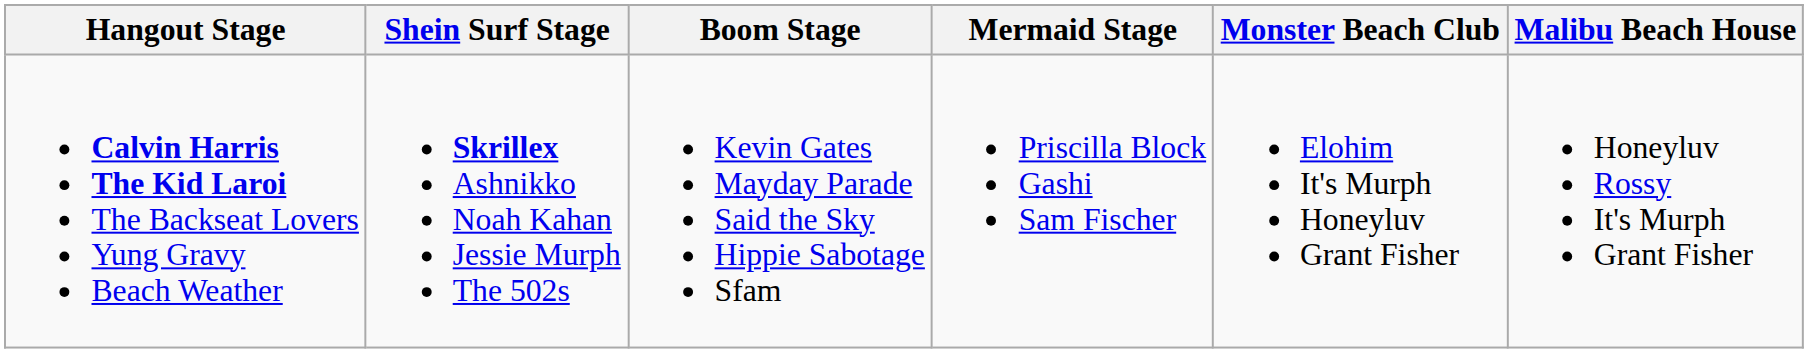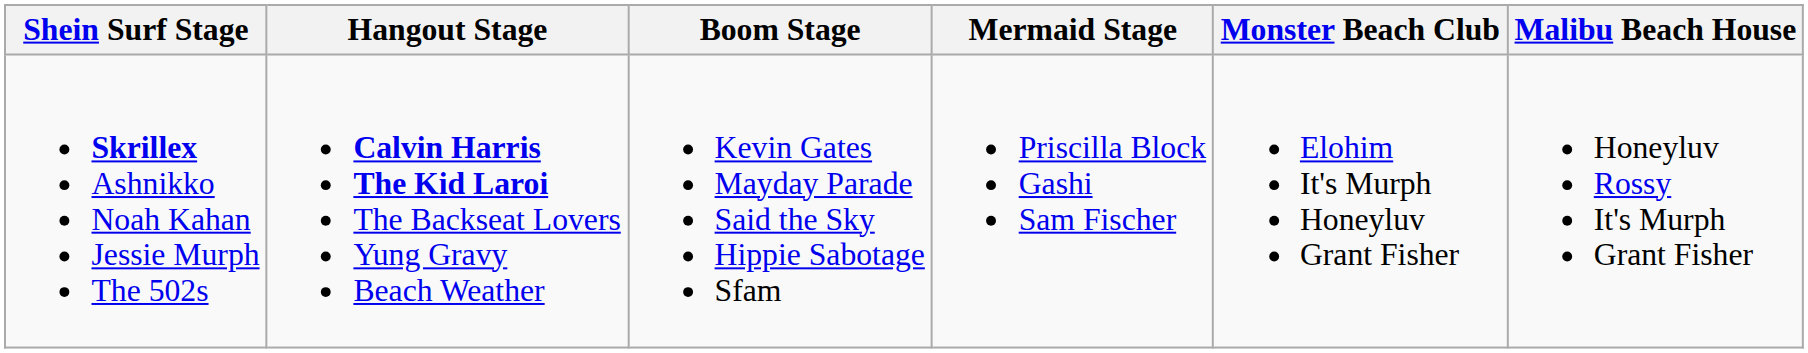 <table class="wikitable">
 <tr>
+<th><a href='#'>Shein</a> Surf Stage</th>
 <th>Hangout Stage</th>
-<th><a href='#'>Shein</a> Surf Stage</th>
 <th>Boom Stage</th>
 <th>Mermaid Stage</th>
 <th><a href='#'>Monster</a> Beach Club</th>
 <th><a href='#'>Malibu</a> Beach House</th>
 </tr>
 <tr valign="top">
+<td><br><ul><li><strong><a href='#'>Skrillex</a></strong></li><li><a href='#'>Ashnikko</a></li><li><a href='#'>Noah Kahan</a></li><li><a href='#'>Jessie Murph</a></li><li><a href='#'>The 502s</a></li></ul></td>
 <td><br><ul><li><strong><a href='#'>Calvin Harris</a></strong></li><li><strong><a href='#'>The Kid Laroi</a></strong></li><li><a href='#'>The Backseat Lovers</a></li><li><a href='#'>Yung Gravy</a></li><li><a href='#'>Beach Weather</a></li></ul></td>
-<td><br><ul><li><strong><a href='#'>Skrillex</a></strong></li><li><a href='#'>Ashnikko</a></li><li><a href='#'>Noah Kahan</a></li><li><a href='#'>Jessie Murph</a></li><li><a href='#'>The 502s</a></li></ul></td>
 <td><br><ul><li><a href='#'>Kevin Gates</a></li><li><a href='#'>Mayday Parade</a></li><li><a href='#'>Said the Sky</a></li><li><a href='#'>Hippie Sabotage</a></li><li>Sfam</li></ul></td>
 <td><br><ul><li><a href='#'>Priscilla Block</a></li><li><a href='#'>Gashi</a></li><li><a href='#'>Sam Fischer</a></li></ul></td>
 <td><br><ul><li><a href='#'>Elohim</a></li><li>It's Murph</li><li>Honeyluv</li><li>Grant Fisher</li></ul></td>
 <td><br><ul><li>Honeyluv</li><li><a href='#'>Rossy</a></li><li>It's Murph</li><li>Grant Fisher</li></ul></td>
 </tr>
 </table>
